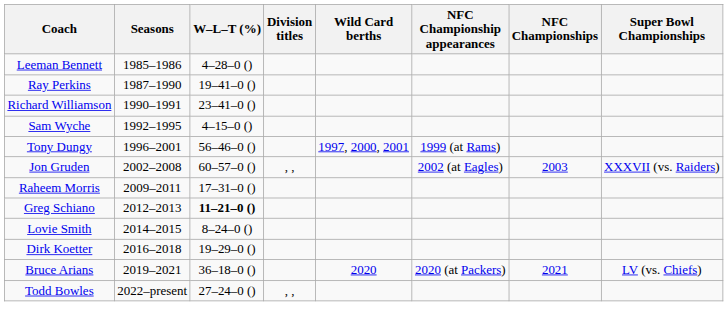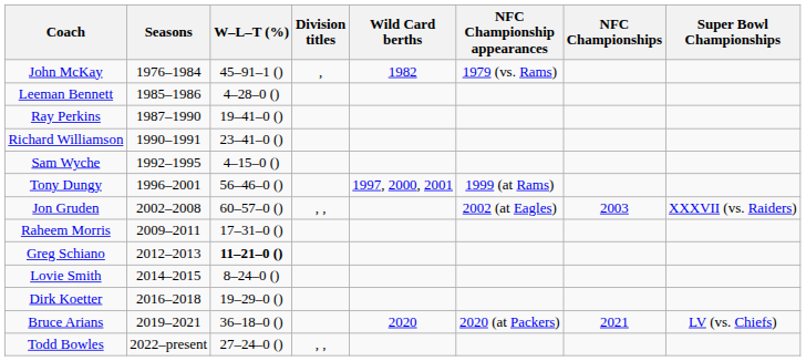 <table class="wikitable" style="text-align:center">
 <tr>
 <th>Coach</th>
 <th>Seasons</th>
 <th>W–L–T (%)</th>
 <th>Division<br>titles</th>
 <th>Wild Card<br>berths</th>
 <th>NFC<br>Championship<br>appearances</th>
 <th>NFC<br>Championships</th>
 <th>Super Bowl<br>Championships</th>
+</tr>
+<tr>
+<td><a href='#'>John McKay</a></td>
+<td>1976–1984</td>
+<td>45–91–1 ()</td>
+<td>, </td>
+<td><a href='#'>1982</a></td>
+<td><a href='#'>1979</a> (vs. <a href='#'>Rams</a>)</td>
+<td></td>
+<td></td>
 </tr>
 <tr>
 <td><a href='#'>Leeman Bennett</a></td>
 <td>1985–1986</td>
 <td>4–28–0 ()</td>
 <td></td>
 <td></td>
 <td></td>
 <td></td>
 <td></td>
 </tr>
 <tr>
 <td><a href='#'>Ray Perkins</a></td>
 <td>1987–1990</td>
 <td>19–41–0 ()</td>
 <td></td>
 <td></td>
 <td></td>
 <td></td>
 <td></td>
 </tr>
 <tr>
 <td><a href='#'>Richard Williamson</a></td>
 <td>1990–1991</td>
 <td>23–41–0 ()</td>
 <td></td>
 <td></td>
 <td></td>
 <td></td>
 <td></td>
 </tr>
 <tr>
 <td><a href='#'>Sam Wyche</a></td>
 <td>1992–1995</td>
 <td>4–15–0 ()</td>
 <td></td>
 <td></td>
 <td></td>
 <td></td>
 <td></td>
 </tr>
 <tr>
 <td><a href='#'>Tony Dungy</a></td>
 <td>1996–2001</td>
 <td>56–46–0 ()</td>
 <td></td>
 <td><a href='#'>1997</a>, <a href='#'>2000</a>, <a href='#'>2001</a></td>
 <td><a href='#'>1999</a> (at <a href='#'>Rams</a>)</td>
 <td></td>
 <td></td>
 </tr>
 <tr>
 <td><a href='#'>Jon Gruden</a></td>
 <td>2002–2008</td>
 <td>60–57–0 ()</td>
 <td>, , </td>
 <td></td>
 <td><a href='#'>2002</a> (at <a href='#'>Eagles</a>)</td>
 <td><a href='#'>2003</a></td>
 <td><a href='#'>XXXVII</a> (vs. <a href='#'>Raiders</a>)</td>
 </tr>
 <tr>
 <td><a href='#'>Raheem Morris</a></td>
 <td>2009–2011</td>
 <td>17–31–0 ()</td>
 <td></td>
 <td></td>
 <td></td>
 <td></td>
 <td></td>
 </tr>
 <tr>
 <td><a href='#'>Greg Schiano</a></td>
 <td>2012–2013</td>
 <td><strong>11–21–0 ()</strong></td>
 <td></td>
 <td></td>
 <td></td>
 <td></td>
 <td></td>
 </tr>
 <tr>
 <td><a href='#'>Lovie Smith</a></td>
 <td>2014–2015</td>
 <td>8–24–0 ()</td>
 <td></td>
 <td></td>
 <td></td>
 <td></td>
 <td></td>
 </tr>
 <tr>
 <td><a href='#'>Dirk Koetter</a></td>
 <td>2016–2018</td>
 <td>19–29–0 ()</td>
 <td></td>
 <td></td>
 <td></td>
 <td></td>
 <td></td>
 </tr>
 <tr>
 <td><a href='#'>Bruce Arians</a></td>
 <td>2019–2021</td>
 <td>36–18–0 ()</td>
 <td></td>
 <td><a href='#'>2020</a></td>
 <td><a href='#'>2020</a> (at <a href='#'>Packers</a>)</td>
 <td><a href='#'>2021</a></td>
 <td><a href='#'>LV</a> (vs. <a href='#'>Chiefs</a>)</td>
 </tr>
 <tr>
 <td><a href='#'>Todd Bowles</a></td>
 <td>2022–present</td>
 <td>27–24–0 ()</td>
 <td>, , </td>
 <td></td>
 <td></td>
 <td></td>
 <td></td>
 </tr>
 </table>
